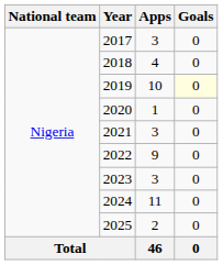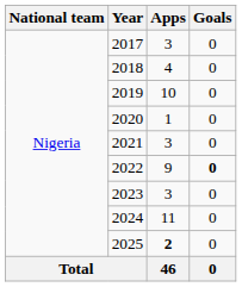 <table class="wikitable" style="text-align:center">
 <tr>
 <th>National team</th>
 <th>Year</th>
 <th>Apps</th>
 <th>Goals</th>
 </tr>
 <tr>
 <td rowspan="9"><a href='#'>Nigeria</a></td>
 <td>2017</td>
 <td>3</td>
 <td>0</td>
 </tr>
 <tr>
 <td>2018</td>
 <td>4</td>
 <td>0</td>
 </tr>
 <tr>
 <td>2019</td>
 <td>10</td>
-<td style="background: lightyellow;">0</td>
+<td>0</td>
 </tr>
 <tr>
 <td>2020</td>
 <td>1</td>
 <td>0</td>
 </tr>
 <tr>
 <td>2021</td>
 <td>3</td>
 <td>0</td>
 </tr>
 <tr>
 <td>2022</td>
 <td>9</td>
-<td>0</td>
+<td><strong>0</strong></td>
 </tr>
 <tr>
 <td>2023</td>
 <td>3</td>
 <td>0</td>
 </tr>
 <tr>
 <td>2024</td>
 <td>11</td>
 <td>0</td>
 </tr>
 <tr>
 <td>2025</td>
-<td>2</td>
+<td><strong>2</strong></td>
 <td>0</td>
 </tr>
 <tr>
 <th colspan="2">Total</th>
 <th>46</th>
 <th>0</th>
 </tr>
 </table>
